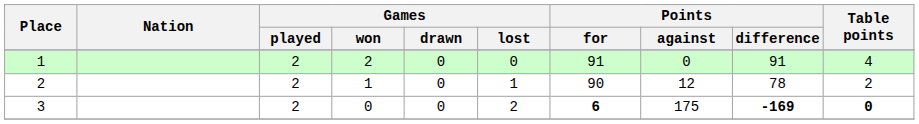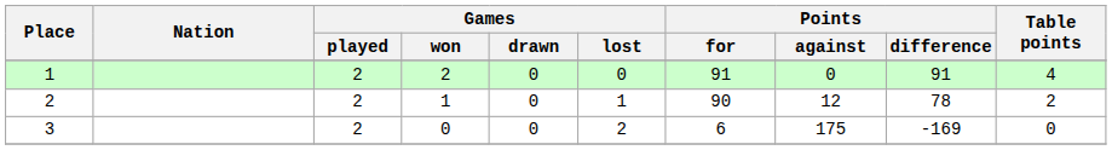 <table class="wikitable">
 <tr>
 <th rowspan=2 width="8%">Place</th>
 <th rowspan=2 width="20%">Nation</th>
 <th colspan=4 width="32%">Games</th>
 <th colspan=3 width="30%">Points</th>
 <th rowspan=2 width="10%">Table<br>points</th>
 </tr>
 <tr>
 <th width="8%">played</th>
 <th width="8%">won</th>
 <th width="8%">drawn</th>
 <th width="8%">lost</th>
 <th width="10%">for</th>
 <th width="10%">against</th>
 <th width="10%">difference</th>
 </tr>
 <tr>
 </tr>
 <tr bgcolor=#ccffcc align=center>
 <td>1</td>
 <td align=left><strong></strong></td>
 <td>2</td>
 <td>2</td>
 <td>0</td>
 <td>0</td>
 <td>91</td>
 <td>0</td>
 <td>91</td>
 <td>4</td>
 </tr>
 <tr bgcolor=#ffffff align=center>
 <td>2</td>
 <td align=left></td>
 <td>2</td>
 <td>1</td>
 <td>0</td>
 <td>1</td>
 <td>90</td>
 <td>12</td>
 <td>78</td>
 <td>2</td>
 </tr>
 <tr bgcolor=#ffffff align=center>
 <td>3</td>
 <td align=left></td>
 <td>2</td>
 <td>0</td>
 <td>0</td>
 <td>2</td>
-<td><strong>6</strong></td>
+<td>6</td>
 <td>175</td>
-<td><strong>-169</strong></td>
-<td><strong>0</strong></td>
+<td>-169</td>
+<td>0</td>
 </tr>
 <tr bgcolor=#ffffff align=center>
 </tr>
 </table>
